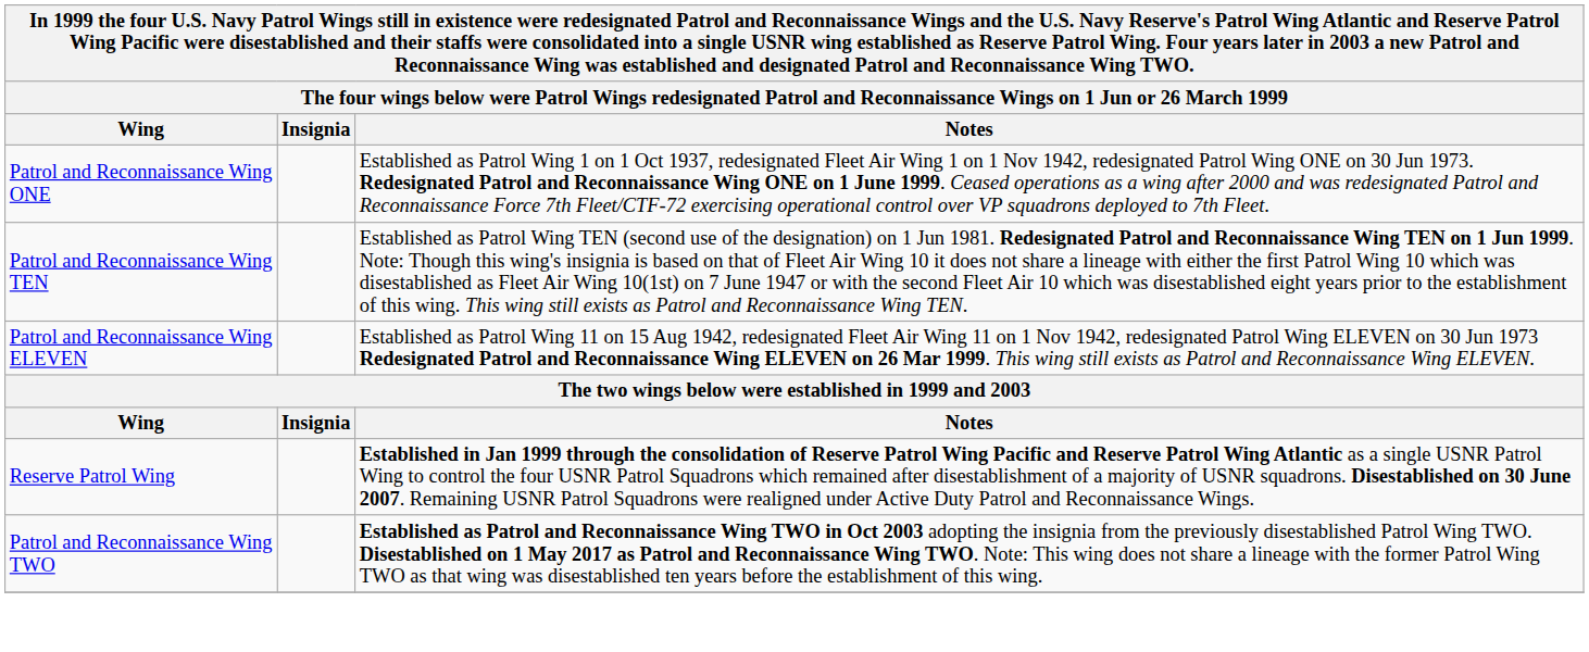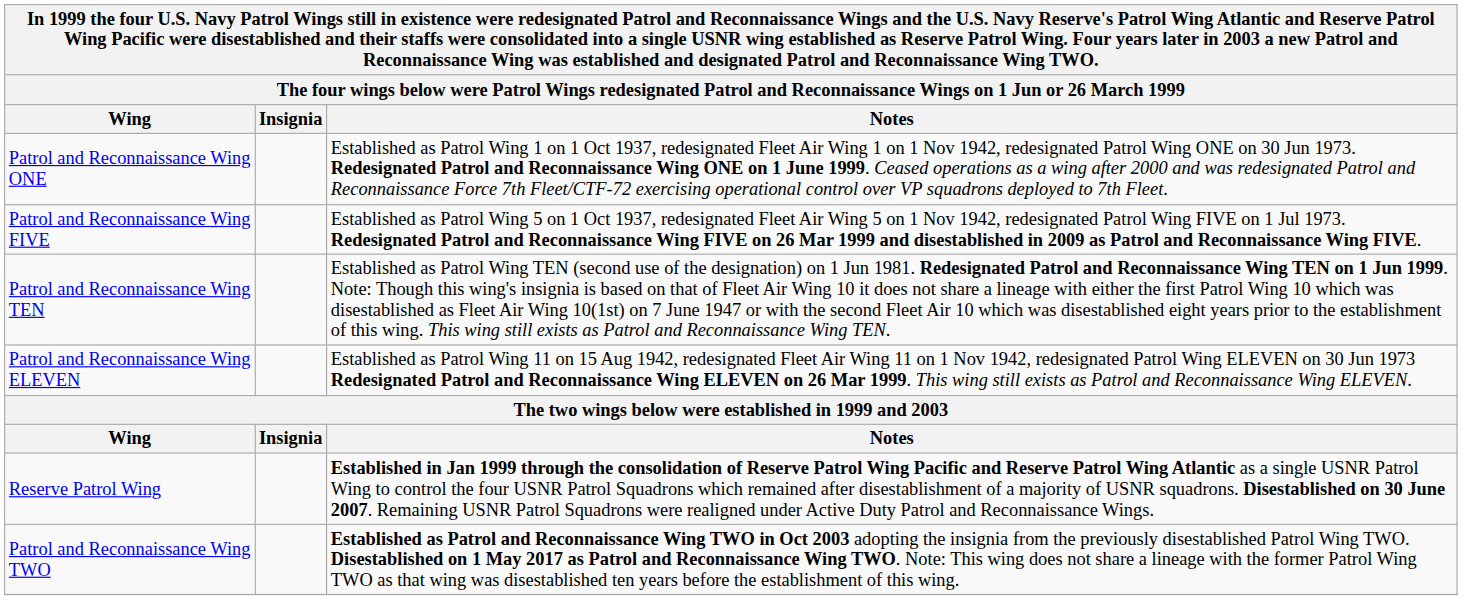 <table class="wikitable" width=100% style="text-align: center">
 <tr>
 <th colspan=3>In 1999 the four U.S. Navy Patrol Wings still in existence were redesignated Patrol and Reconnaissance Wings and the U.S. Navy Reserve's Patrol Wing Atlantic and Reserve Patrol Wing Pacific were disestablished and their staffs were consolidated into a single USNR wing established as Reserve Patrol Wing. Four years later in 2003 a new Patrol and Reconnaissance Wing was established and designated Patrol and Reconnaissance Wing TWO.</th>
 </tr>
 <tr>
 <th colspan=3>The four wings below were Patrol Wings redesignated Patrol and Reconnaissance Wings on 1 Jun or 26 March 1999</th>
 </tr>
 <tr>
 <th colspan=1>Wing</th>
 <th>Insignia</th>
 <th>Notes</th>
 </tr>
 <tr>
 <td align=left style="white-space: nowrap;"><a href='#'>Patrol and Reconnaissance Wing<br>ONE</a></td>
 <td></td>
 <td align=left>Established as Patrol Wing 1 on 1 Oct 1937, redesignated Fleet Air Wing 1 on 1 Nov 1942, redesignated Patrol Wing ONE on 30 Jun 1973. <strong>Redesignated Patrol and Reconnaissance Wing ONE on 1 June 1999</strong>. <em>Ceased operations as a wing after 2000 and was redesignated Patrol and Reconnaissance Force 7th Fleet/CTF-72 exercising operational control over VP squadrons deployed to 7th Fleet</em>.</td>
+</tr>
+<tr>
+<td align=left><a href='#'>Patrol and Reconnaissance Wing<br>FIVE</a></td>
+<td></td>
+<td align=left>Established as Patrol Wing 5 on 1 Oct 1937, redesignated Fleet Air Wing 5 on 1 Nov 1942, redesignated Patrol Wing FIVE on 1 Jul 1973. <strong>Redesignated Patrol and Reconnaissance Wing FIVE on 26 Mar 1999 and disestablished in 2009 as Patrol and Reconnaissance Wing FIVE</strong>.</td>
 </tr>
 <tr>
 <td align=left><a href='#'>Patrol and Reconnaissance Wing<br>TEN</a></td>
 <td></td>
 <td align=left>Established as Patrol Wing TEN (second use of the designation) on 1 Jun 1981. <strong>Redesignated Patrol and Reconnaissance Wing TEN on 1 Jun 1999</strong>. Note: Though this wing's insignia is based on that of Fleet Air Wing 10 it does not share a lineage with either the first Patrol Wing 10 which was disestablished as Fleet Air Wing 10(1st) on 7 June 1947 or with the second Fleet Air 10 which was disestablished eight years prior to the establishment of this wing. <em>This wing still exists as Patrol and Reconnaissance Wing TEN</em>.</td>
 </tr>
 <tr>
 <td align=left style="white-space: nowrap;"><a href='#'>Patrol and Reconnaissance Wing<br>ELEVEN</a></td>
 <td></td>
 <td align=left>Established as Patrol Wing 11 on 15 Aug 1942, redesignated Fleet Air Wing 11 on 1 Nov 1942, redesignated Patrol Wing ELEVEN on 30 Jun 1973 <strong>Redesignated Patrol and Reconnaissance Wing ELEVEN on 26 Mar 1999</strong>. <em>This wing still exists as Patrol and Reconnaissance Wing ELEVEN</em>.</td>
 </tr>
 <tr>
 <th colspan=3>The two wings below were established in 1999 and 2003</th>
 </tr>
 <tr>
 <th colspan=1>Wing</th>
 <th>Insignia</th>
 <th>Notes</th>
 </tr>
 <tr>
 <td align=left><a href='#'>Reserve Patrol Wing</a></td>
 <td></td>
 <td align=left><strong>Established in Jan 1999 through the consolidation of Reserve Patrol Wing Pacific and Reserve Patrol Wing Atlantic</strong> as a single USNR Patrol Wing to control the four USNR Patrol Squadrons which remained after disestablishment of a majority of USNR squadrons. <strong>Disestablished on 30 June 2007</strong>. Remaining USNR Patrol Squadrons were realigned under Active Duty Patrol and Reconnaissance Wings.</td>
 </tr>
 <tr>
 <td align=left><a href='#'>Patrol and Reconnaissance Wing<br>TWO</a></td>
 <td></td>
 <td align=left><strong>Established as Patrol and Reconnaissance Wing TWO in Oct 2003</strong> adopting the insignia from the previously disestablished Patrol Wing TWO. <strong>Disestablished on 1 May 2017 as Patrol and Reconnaissance Wing TWO</strong>. Note: This wing does not share a lineage with the former Patrol Wing TWO as that wing was disestablished ten years before the establishment of this wing.</td>
 </tr>
 <tr>
 </tr>
 </table>
